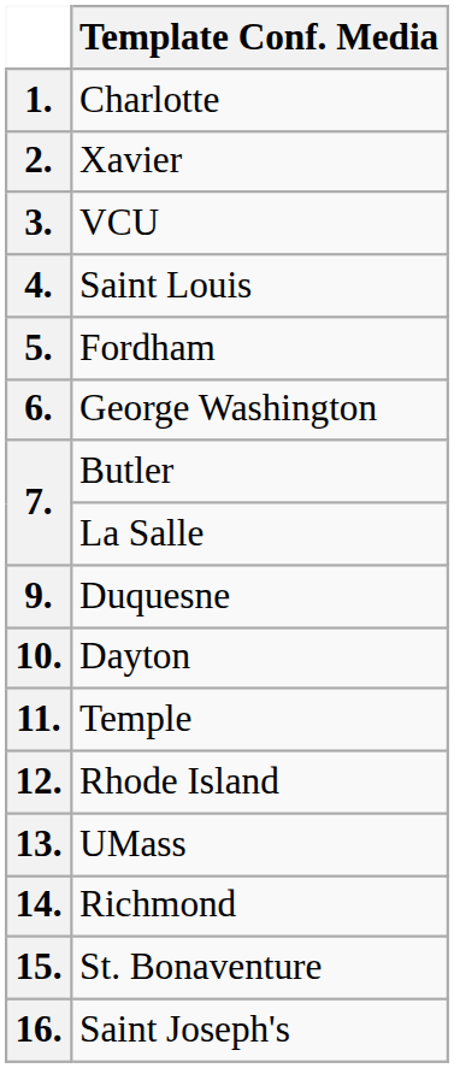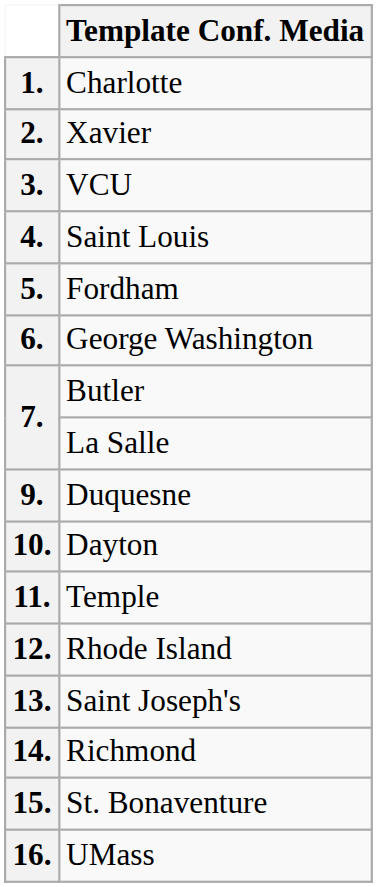 <table class="wikitable" style="white-space:nowrap; font-size:90%;">
 <tr>
 <td ! style="background:white; border-top-style:hidden; border-left-style:hidden;"></td>
 <th>Template Conf. Media</th>
 </tr>
 <tr>
 <th>1.</th>
 <td>Charlotte</td>
 </tr>
 <tr>
 <th>2.</th>
 <td>Xavier</td>
 </tr>
 <tr>
 <th>3.</th>
 <td>VCU</td>
 </tr>
 <tr>
 <th>4.</th>
 <td>Saint Louis</td>
 </tr>
 <tr>
 <th>5.</th>
 <td>Fordham</td>
 </tr>
 <tr>
 <th>6.</th>
 <td>George Washington</td>
 </tr>
 <tr>
 <th rowspan="2">7.</th>
 <td>Butler</td>
 </tr>
 <tr>
 <td>La Salle</td>
 </tr>
 <tr>
 <th>9.</th>
 <td>Duquesne</td>
 </tr>
 <tr>
 <th>10.</th>
 <td>Dayton</td>
 </tr>
 <tr>
 <th>11.</th>
 <td>Temple</td>
 </tr>
 <tr>
 <th>12.</th>
 <td>Rhode Island</td>
 </tr>
 <tr>
 <th>13.</th>
-<td>UMass</td>
+<td>Saint Joseph's</td>
 </tr>
 <tr>
 <th>14.</th>
 <td>Richmond</td>
 </tr>
 <tr>
 <th>15.</th>
 <td>St. Bonaventure</td>
 </tr>
 <tr>
 <th>16.</th>
-<td>Saint Joseph's</td>
+<td>UMass</td>
 </tr>
 </table>
